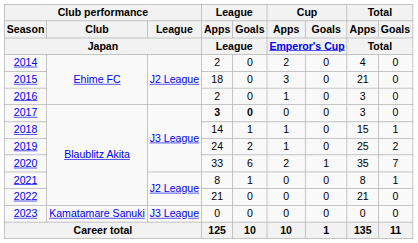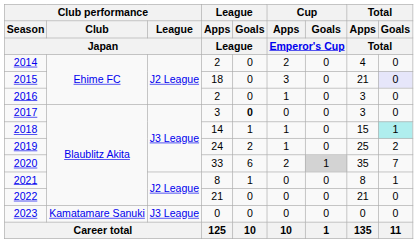 <table class="wikitable" style="text-align:center">
 <tr>
 <th colspan=3>Club performance</th>
 <th colspan=2>League</th>
 <th colspan=2>Cup</th>
 <th colspan=2>Total</th>
 </tr>
 <tr>
 <th>Season</th>
 <th>Club</th>
 <th>League</th>
 <th>Apps</th>
 <th>Goals</th>
 <th>Apps</th>
 <th>Goals</th>
 <th>Apps</th>
 <th>Goals</th>
 </tr>
 <tr>
 <th colspan=3>Japan</th>
 <th colspan=2>League</th>
 <th colspan=2><a href='#'>Emperor's Cup</a></th>
 <th colspan=2>Total</th>
 </tr>
 <tr>
 <td><a href='#'>2014</a></td>
 <td rowspan="3"><a href='#'>Ehime FC</a></td>
 <td rowspan="3"><a href='#'>J2 League</a></td>
 <td>2</td>
 <td>0</td>
 <td>2</td>
 <td>0</td>
 <td>4</td>
 <td>0</td>
 </tr>
 <tr>
 <td><a href='#'>2015</a></td>
 <td>18</td>
 <td>0</td>
 <td>3</td>
 <td>0</td>
 <td>21</td>
-<td>0</td>
+<td style="background: lavender;">0</td>
 </tr>
 <tr>
 <td><a href='#'>2016</a></td>
 <td>2</td>
 <td>0</td>
 <td>1</td>
 <td>0</td>
 <td>3</td>
 <td>0</td>
 </tr>
 <tr>
 <td><a href='#'>2017</a></td>
 <td rowspan="6"><a href='#'>Blaublitz Akita</a></td>
 <td rowspan="4"><a href='#'>J3 League</a></td>
-<td><strong>3</strong></td>
+<td>3</td>
 <td><strong>0</strong></td>
 <td>0</td>
 <td>0</td>
 <td>3</td>
 <td>0</td>
 </tr>
 <tr>
 <td><a href='#'>2018</a></td>
 <td>14</td>
 <td>1</td>
 <td>1</td>
 <td>0</td>
 <td>15</td>
-<td>1</td>
+<td style="background: paleturquoise;">1</td>
 </tr>
 <tr>
 <td><a href='#'>2019</a></td>
 <td>24</td>
 <td>2</td>
 <td>1</td>
 <td>0</td>
 <td>25</td>
 <td>2</td>
 </tr>
 <tr>
 <td><a href='#'>2020</a></td>
 <td>33</td>
 <td>6</td>
 <td>2</td>
-<td>1</td>
+<td style="background: lightgrey;">1</td>
 <td>35</td>
 <td>7</td>
 </tr>
 <tr>
 <td><a href='#'>2021</a></td>
 <td rowspan="2"><a href='#'>J2 League</a></td>
 <td>8</td>
 <td>1</td>
 <td>0</td>
 <td>0</td>
 <td>8</td>
 <td>1</td>
 </tr>
 <tr>
 <td><a href='#'>2022</a></td>
 <td>21</td>
 <td>0</td>
 <td>0</td>
 <td>0</td>
 <td>21</td>
 <td>0</td>
 </tr>
 <tr>
 <td><a href='#'>2023</a></td>
 <td><a href='#'>Kamatamare Sanuki</a></td>
 <td><a href='#'>J3 League</a></td>
 <td>0</td>
 <td>0</td>
 <td>0</td>
 <td>0</td>
 <td>0</td>
 <td>0</td>
 </tr>
 <tr>
 <th colspan=3>Career total</th>
 <th>125</th>
 <th>10</th>
 <th>10</th>
 <th>1</th>
 <th>135</th>
 <th>11</th>
 </tr>
 </table>
